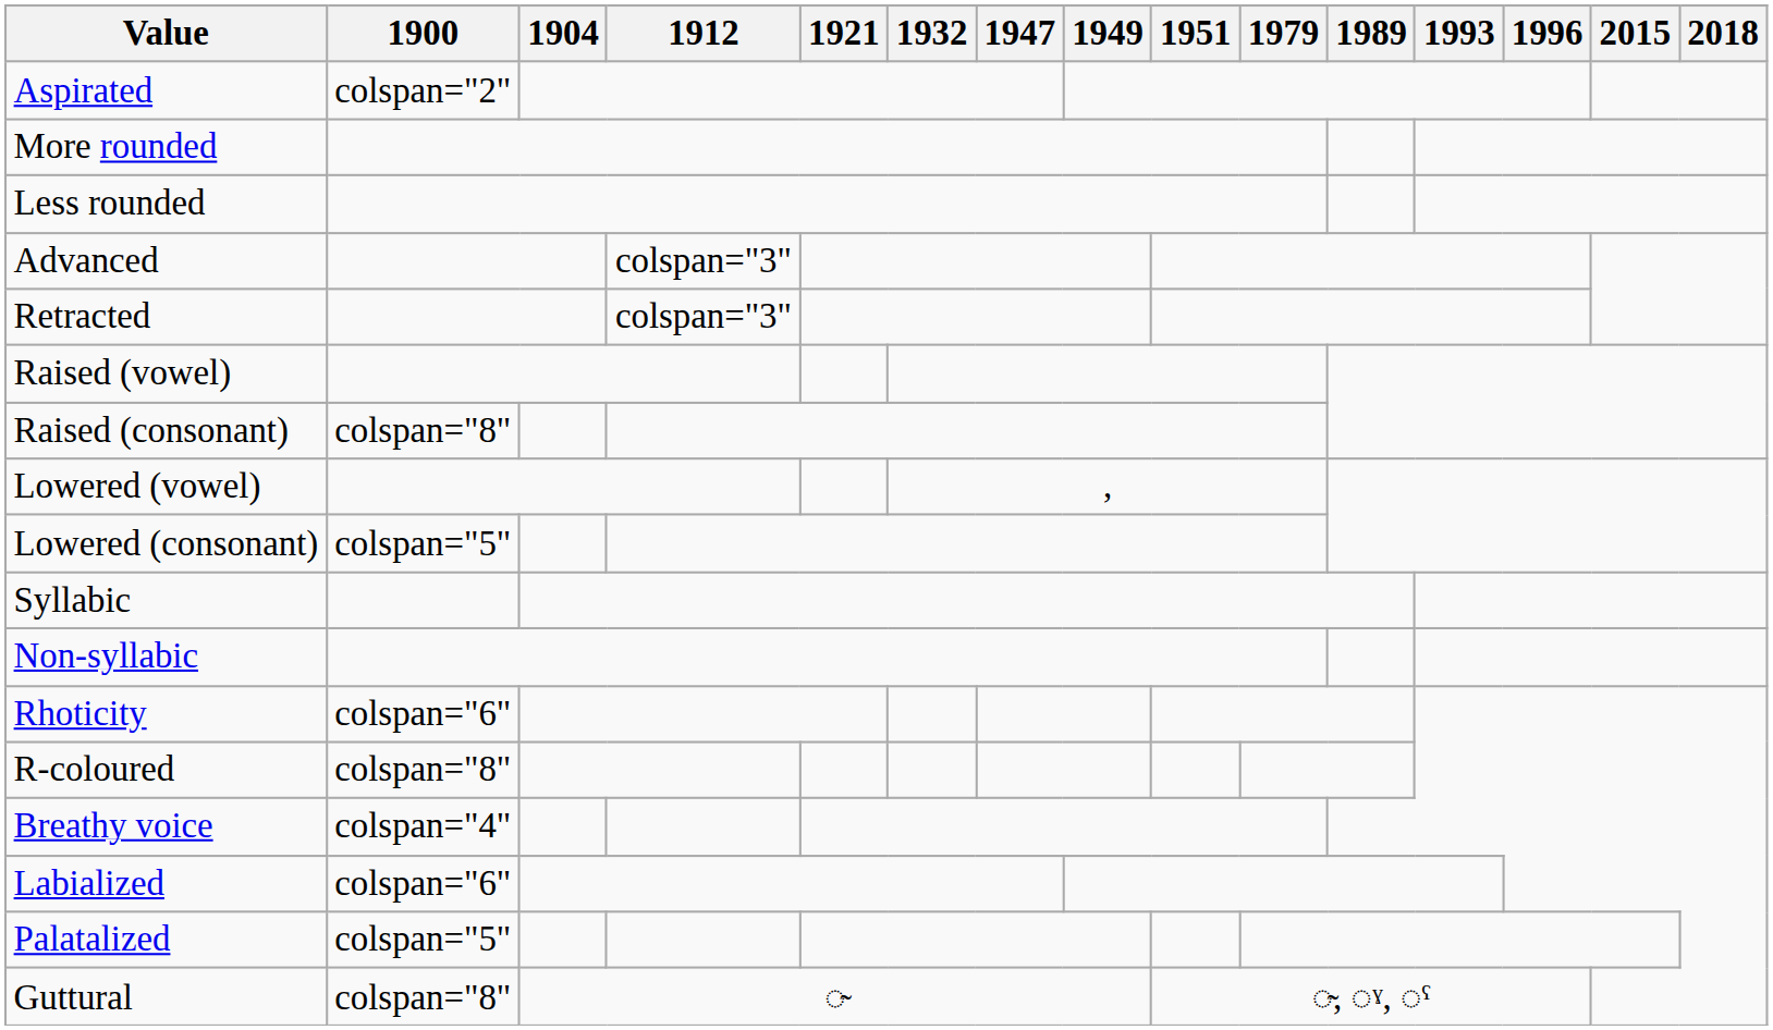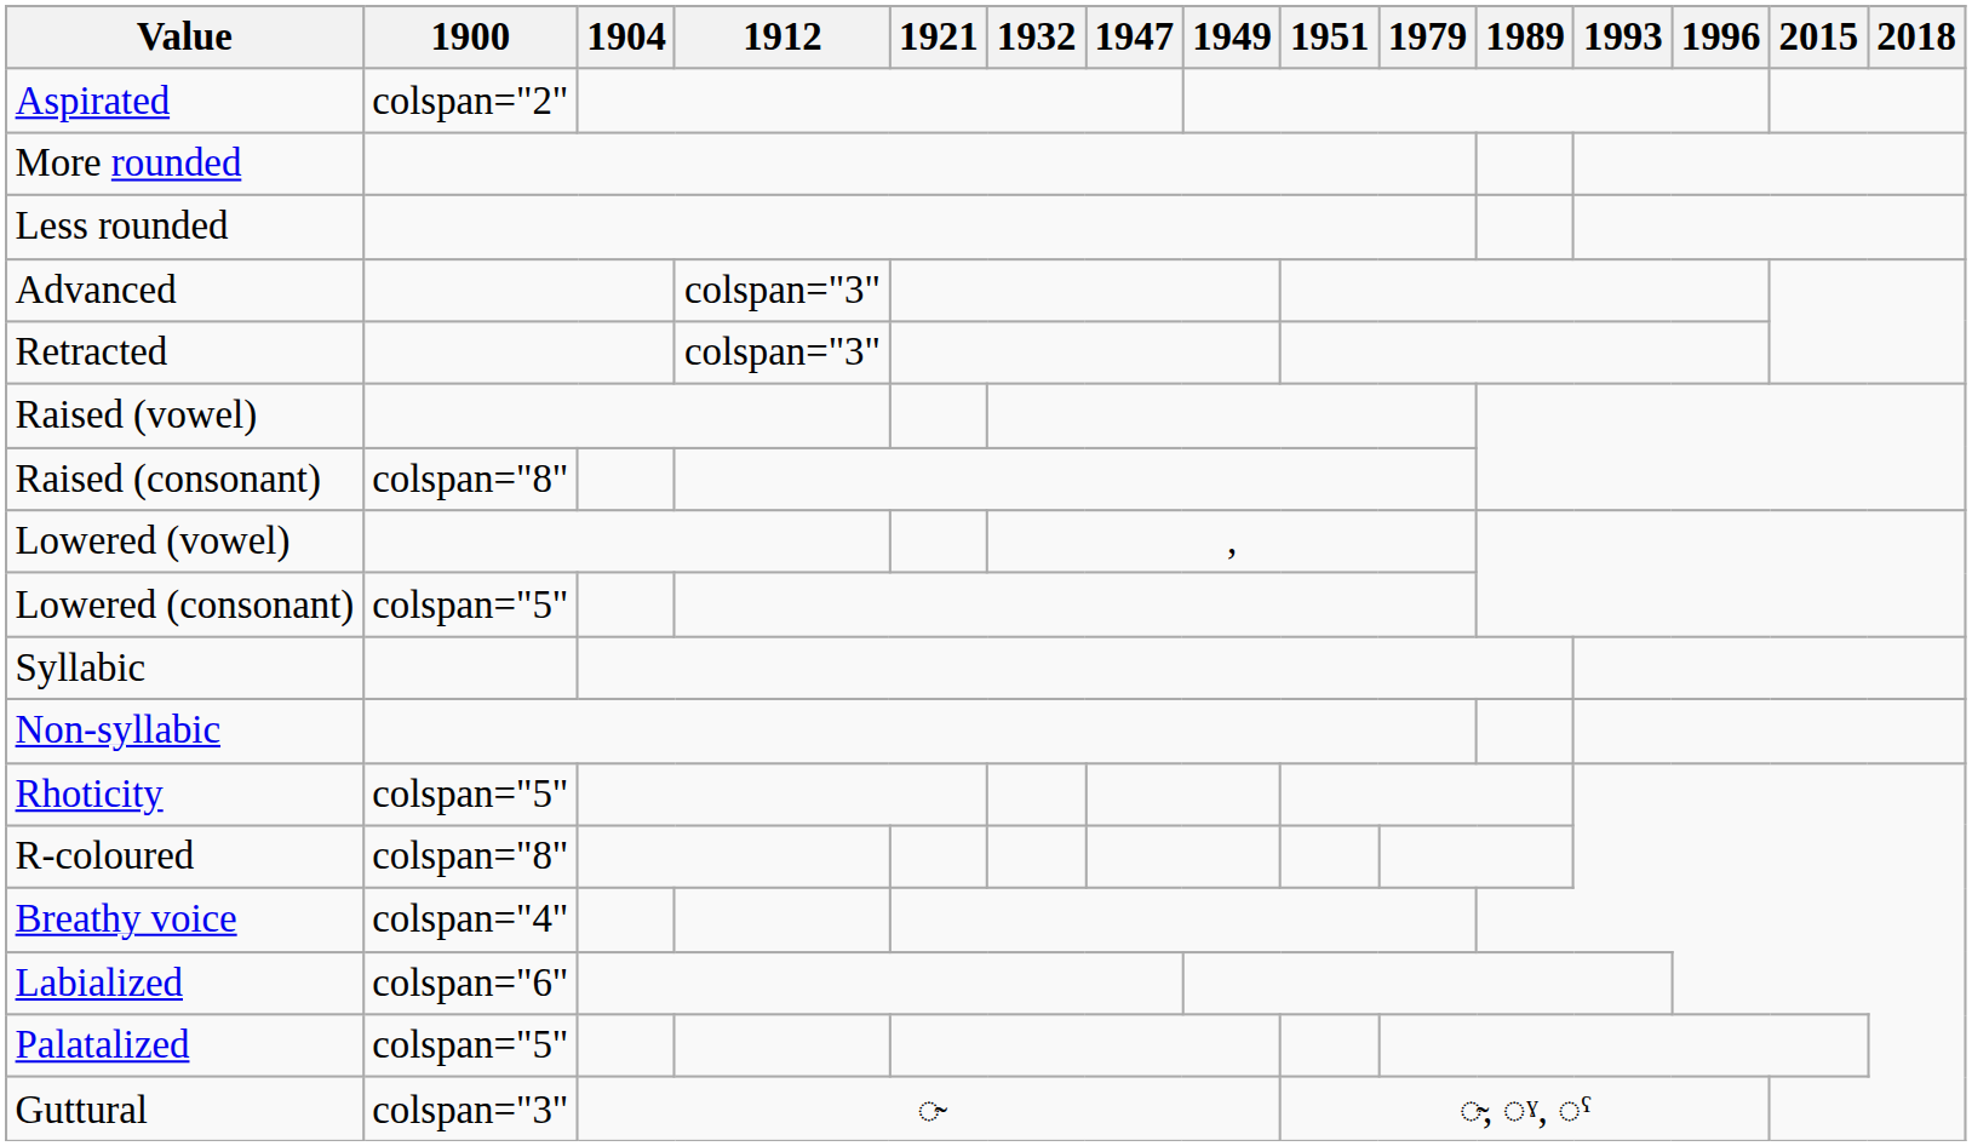 <table class="wikitable" style="text-align: center;">
 <tr>
 <th>Value</th>
 <th>1900</th>
 <th>1904</th>
 <th>1912</th>
 <th>1921</th>
 <th>1932</th>
 <th>1947</th>
 <th>1949</th>
 <th>1951</th>
 <th>1979</th>
 <th>1989</th>
 <th>1993</th>
 <th>1996</th>
 <th>2015</th>
 <th>2018</th>
 </tr>
 <tr>
 <td style="text-align: left;"><a href='#'>Aspirated</a></td>
 <td>colspan="2" </td>
 <td colspan="5"></td>
 <td colspan="6"></td>
 </tr>
 <tr>
 <td style="text-align: left;">More <a href='#'>rounded</a></td>
 <td colspan="9"></td>
 <td></td>
 <td colspan="4"></td>
 </tr>
 <tr>
 <td style="text-align: left;">Less rounded</td>
 <td colspan="9"></td>
 <td></td>
 <td colspan="4"></td>
 </tr>
 <tr>
 <td style="text-align: left;">Advanced</td>
 <td colspan="2"></td>
 <td>colspan="3" </td>
 <td colspan="4"></td>
 <td colspan="5"></td>
 </tr>
 <tr>
 <td style="text-align: left;">Retracted</td>
 <td colspan="2"></td>
 <td>colspan="3" </td>
 <td colspan="4"></td>
 <td colspan="5"></td>
 </tr>
 <tr>
 <td style="text-align: left;">Raised (vowel)</td>
 <td colspan="3"></td>
 <td></td>
 <td colspan="5"></td>
 <td colspan="5" rowspan="2"></td>
 </tr>
 <tr>
 <td style="text-align: left;">Raised (consonant)</td>
 <td>colspan="8" </td>
 <td></td>
 </tr>
 <tr>
 <td style="text-align: left;">Lowered (vowel)</td>
 <td colspan="3"></td>
 <td></td>
 <td colspan="5">, </td>
 <td colspan="5" rowspan="2"></td>
 </tr>
 <tr>
 <td style="text-align: left;">Lowered (consonant)</td>
 <td>colspan="5" </td>
 <td></td>
 </tr>
 <tr>
 <td style="text-align: left;">Syllabic</td>
 <td></td>
 <td colspan="9"></td>
 <td colspan="4"></td>
 </tr>
 <tr>
 <td style="text-align: left;"><a href='#'>Non-syllabic</a></td>
 <td colspan="9"></td>
 <td></td>
 <td colspan="4"></td>
 </tr>
 <tr>
 <td style="text-align: left;"><a href='#'>Rhoticity</a></td>
-<td>colspan="6" </td>
+<td>colspan="5" </td>
 <td colspan="3"></td>
 <td></td>
 <td colspan="2"></td>
 <td colspan="3"></td>
 </tr>
 <tr>
 <td style="text-align: left;">R-coloured </td>
 <td>colspan="8" </td>
 <td colspan="2"></td>
 <td></td>
 <td></td>
 <td colspan="2"></td>
 <td></td>
 <td colspan="2"></td>
 </tr>
 <tr>
 <td style="text-align: left;"><a href='#'>Breathy voice</a></td>
 <td>colspan="4" </td>
 <td></td>
 <td></td>
 <td colspan="6"></td>
 </tr>
 <tr>
 <td style="text-align: left;"><a href='#'>Labialized</a></td>
 <td>colspan="6" </td>
 <td colspan="5"></td>
 <td colspan="5"></td>
 </tr>
 <tr>
 <td style="text-align: left;"><a href='#'>Palatalized</a></td>
 <td>colspan="5" </td>
 <td></td>
 <td></td>
 <td colspan="4"></td>
 <td></td>
 <td colspan="5"></td>
 </tr>
 <tr>
 <td style="text-align: left;">Guttural</td>
-<td>colspan="8" </td>
+<td>colspan="3" </td>
 <td colspan="6">◌̴</td>
 <td colspan="5">◌̴, ◌ˠ, ◌ˤ</td>
 </tr>
 </table>
